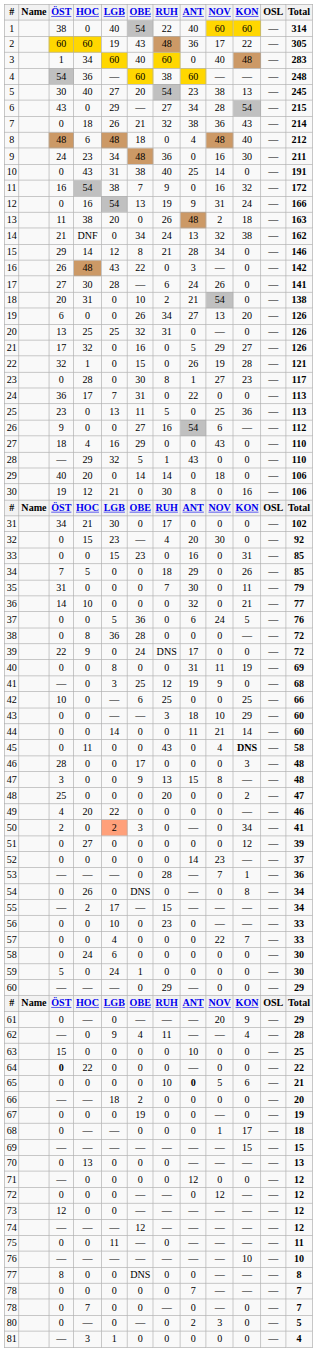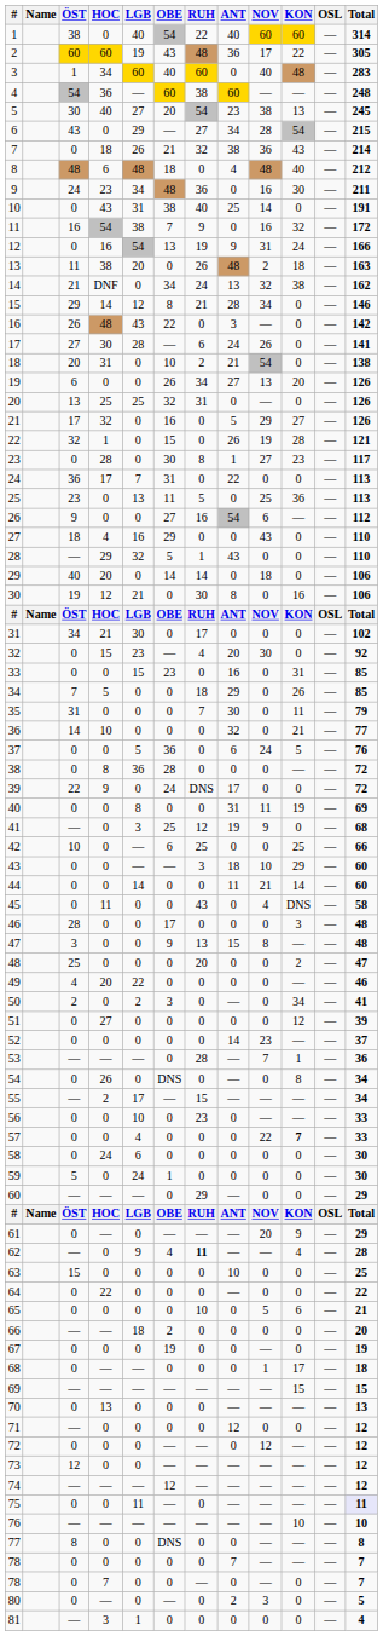 <table class="wikitable sortable" style="text-align:center;">
 <tr>
 <th>#</th>
 <th>Name</th>
 <th><a href='#'>ÖST</a></th>
 <th><a href='#'>HOC</a></th>
 <th><a href='#'>LGB</a></th>
 <th><a href='#'>OBE</a></th>
 <th><a href='#'>RUH</a></th>
 <th><a href='#'>ANT</a></th>
 <th><a href='#'>NOV</a></th>
 <th><a href='#'>KON</a></th>
 <th>OSL</th>
 <th><strong>Total</strong> </th>
 </tr>
 <tr>
 <td>1</td>
 <td align="left"></td>
 <td>38</td>
 <td>0</td>
 <td>40</td>
 <td bgcolor="silver">54</td>
 <td>22</td>
 <td>40</td>
 <td bgcolor="gold">60</td>
 <td bgcolor="gold">60</td>
 <td>—</td>
 <td><strong>314</strong></td>
 </tr>
 <tr>
 <td>2</td>
 <td align="left"></td>
 <td bgcolor="gold">60</td>
 <td bgcolor="gold">60</td>
 <td>19</td>
 <td>43</td>
 <td bgcolor="CC9966">48</td>
 <td>36</td>
 <td>17</td>
 <td>22</td>
 <td>—</td>
 <td><strong>305</strong></td>
 </tr>
 <tr>
 <td>3</td>
 <td align="left"></td>
 <td>1</td>
 <td>34</td>
 <td bgcolor="gold">60</td>
 <td>40</td>
 <td bgcolor="gold">60</td>
 <td>0</td>
 <td>40</td>
 <td bgcolor="CC9966">48</td>
 <td>—</td>
 <td><strong>283</strong></td>
 </tr>
 <tr>
 <td>4</td>
 <td align="left"></td>
 <td bgcolor="silver">54</td>
 <td>36</td>
 <td>—</td>
 <td bgcolor="gold">60</td>
 <td>38</td>
 <td bgcolor="gold">60</td>
 <td>—</td>
 <td>—</td>
 <td>—</td>
 <td><strong>248</strong></td>
 </tr>
 <tr>
 <td>5</td>
 <td align="left"></td>
 <td>30</td>
 <td>40</td>
 <td>27</td>
 <td>20</td>
 <td bgcolor="silver">54</td>
 <td>23</td>
 <td>38</td>
 <td>13</td>
 <td>—</td>
 <td><strong>245</strong></td>
 </tr>
 <tr>
 <td>6</td>
 <td align="left"></td>
 <td>43</td>
 <td>0</td>
 <td>29</td>
 <td>—</td>
 <td>27</td>
 <td>34</td>
 <td>28</td>
 <td bgcolor="silver">54</td>
 <td>—</td>
 <td><strong>215</strong></td>
 </tr>
 <tr>
 <td>7</td>
 <td align="left"></td>
 <td>0</td>
 <td>18</td>
 <td>26</td>
 <td>21</td>
 <td>32</td>
 <td>38</td>
 <td>36</td>
 <td>43</td>
 <td>—</td>
 <td><strong>214</strong></td>
 </tr>
 <tr>
 <td>8</td>
 <td align="left"></td>
 <td bgcolor="CC9966">48</td>
 <td>6</td>
 <td bgcolor="CC9966">48</td>
 <td>18</td>
 <td>0</td>
 <td>4</td>
 <td bgcolor="CC9966">48</td>
 <td>40</td>
 <td>—</td>
 <td><strong>212</strong></td>
 </tr>
 <tr>
 <td>9</td>
 <td align="left"></td>
 <td>24</td>
 <td>23</td>
 <td>34</td>
 <td bgcolor="CC9966">48</td>
 <td>36</td>
 <td>0</td>
 <td>16</td>
 <td>30</td>
 <td>—</td>
 <td><strong>211</strong></td>
 </tr>
 <tr>
 <td>10</td>
 <td align="left"></td>
 <td>0</td>
 <td>43</td>
 <td>31</td>
 <td>38</td>
 <td>40</td>
 <td>25</td>
 <td>14</td>
 <td>0</td>
 <td>—</td>
 <td><strong>191</strong></td>
 </tr>
 <tr>
 <td>11</td>
 <td align="left"></td>
 <td>16</td>
 <td bgcolor="silver">54</td>
 <td>38</td>
 <td>7</td>
 <td>9</td>
 <td>0</td>
 <td>16</td>
 <td>32</td>
 <td>—</td>
 <td><strong>172</strong></td>
 </tr>
 <tr>
 <td>12</td>
 <td align="left"></td>
 <td>0</td>
 <td>16</td>
 <td bgcolor="silver">54</td>
 <td>13</td>
 <td>19</td>
 <td>9</td>
 <td>31</td>
 <td>24</td>
 <td>—</td>
 <td><strong>166</strong></td>
 </tr>
 <tr>
 <td>13</td>
 <td align="left"></td>
 <td>11</td>
 <td>38</td>
 <td>20</td>
 <td>0</td>
 <td>26</td>
 <td bgcolor="CC9966">48</td>
 <td>2</td>
 <td>18</td>
 <td>—</td>
 <td><strong>163</strong></td>
 </tr>
 <tr>
 <td>14</td>
 <td align="left"></td>
 <td>21</td>
 <td>DNF</td>
 <td>0</td>
 <td>34</td>
 <td>24</td>
 <td>13</td>
 <td>32</td>
 <td>38</td>
 <td>—</td>
 <td><strong>162</strong></td>
 </tr>
 <tr>
 <td>15</td>
 <td align="left"></td>
 <td>29</td>
 <td>14</td>
 <td>12</td>
 <td>8</td>
 <td>21</td>
 <td>28</td>
 <td>34</td>
 <td>0</td>
 <td>—</td>
 <td><strong>146</strong></td>
 </tr>
 <tr>
 <td>16</td>
 <td align="left"></td>
 <td>26</td>
 <td bgcolor="CC9966">48</td>
 <td>43</td>
 <td>22</td>
 <td>0</td>
 <td>3</td>
 <td>—</td>
 <td>0</td>
 <td>—</td>
 <td><strong>142</strong></td>
 </tr>
 <tr>
 <td>17</td>
 <td align="left"></td>
 <td>27</td>
 <td>30</td>
 <td>28</td>
 <td>—</td>
 <td>6</td>
 <td>24</td>
 <td>26</td>
 <td>0</td>
 <td>—</td>
 <td><strong>141</strong></td>
 </tr>
 <tr>
 <td>18</td>
 <td align="left"></td>
 <td>20</td>
 <td>31</td>
 <td>0</td>
 <td>10</td>
 <td>2</td>
 <td>21</td>
 <td bgcolor="silver">54</td>
 <td>0</td>
 <td>—</td>
 <td><strong>138</strong></td>
 </tr>
 <tr>
 <td>19</td>
 <td align="left"></td>
 <td>6</td>
 <td>0</td>
 <td>0</td>
 <td>26</td>
 <td>34</td>
 <td>27</td>
 <td>13</td>
 <td>20</td>
 <td>—</td>
 <td><strong>126</strong></td>
 </tr>
 <tr>
 <td>20</td>
 <td align="left"></td>
 <td>13</td>
 <td>25</td>
 <td>25</td>
 <td>32</td>
 <td>31</td>
 <td>0</td>
 <td>—</td>
 <td>0</td>
 <td>—</td>
 <td><strong>126</strong></td>
 </tr>
 <tr>
 <td>21</td>
 <td align="left"></td>
 <td>17</td>
 <td>32</td>
 <td>0</td>
 <td>16</td>
 <td>0</td>
 <td>5</td>
 <td>29</td>
 <td>27</td>
 <td>—</td>
 <td><strong>126</strong></td>
 </tr>
 <tr>
 <td>22</td>
 <td align="left"></td>
 <td>32</td>
 <td>1</td>
 <td>0</td>
 <td>15</td>
 <td>0</td>
 <td>26</td>
 <td>19</td>
 <td>28</td>
 <td>—</td>
 <td><strong>121</strong></td>
 </tr>
 <tr>
 <td>23</td>
 <td align="left"></td>
 <td>0</td>
 <td>28</td>
 <td>0</td>
 <td>30</td>
 <td>8</td>
 <td>1</td>
 <td>27</td>
 <td>23</td>
 <td>—</td>
 <td><strong>117</strong></td>
 </tr>
 <tr>
 <td>24</td>
 <td align="left"></td>
 <td>36</td>
 <td>17</td>
 <td>7</td>
 <td>31</td>
 <td>0</td>
 <td>22</td>
 <td>0</td>
 <td>0</td>
 <td>—</td>
 <td><strong>113</strong></td>
 </tr>
 <tr>
 <td>25</td>
 <td align="left"></td>
 <td>23</td>
 <td>0</td>
 <td>13</td>
 <td>11</td>
 <td>5</td>
 <td>0</td>
 <td>25</td>
 <td>36</td>
 <td>—</td>
 <td><strong>113</strong></td>
 </tr>
 <tr>
 <td>26</td>
 <td align="left"></td>
 <td>9</td>
 <td>0</td>
 <td>0</td>
 <td>27</td>
 <td>16</td>
 <td bgcolor="silver">54</td>
 <td>6</td>
 <td>—</td>
 <td>—</td>
 <td><strong>112</strong></td>
 </tr>
 <tr>
 <td>27</td>
 <td align="left"></td>
 <td>18</td>
 <td>4</td>
 <td>16</td>
 <td>29</td>
 <td>0</td>
 <td>0</td>
 <td>43</td>
 <td>0</td>
 <td>—</td>
 <td><strong>110</strong></td>
 </tr>
 <tr>
 <td>28</td>
 <td align="left"></td>
 <td>—</td>
 <td>29</td>
 <td>32</td>
 <td>5</td>
 <td>1</td>
 <td>43</td>
 <td>0</td>
 <td>0</td>
 <td>—</td>
 <td><strong>110</strong></td>
 </tr>
 <tr>
 <td>29</td>
 <td align="left"></td>
 <td>40</td>
 <td>20</td>
 <td>0</td>
 <td>14</td>
 <td>14</td>
 <td>0</td>
 <td>18</td>
 <td>0</td>
 <td>—</td>
 <td><strong>106</strong></td>
 </tr>
 <tr>
 <td>30</td>
 <td align="left"></td>
 <td>19</td>
 <td>12</td>
 <td>21</td>
 <td>0</td>
 <td>30</td>
 <td>8</td>
 <td>0</td>
 <td>16</td>
 <td>—</td>
 <td><strong>106</strong></td>
 </tr>
 <tr>
 <th>#</th>
 <th>Name</th>
 <th><a href='#'>ÖST</a></th>
 <th><a href='#'>HOC</a></th>
 <th><a href='#'>LGB</a></th>
 <th><a href='#'>OBE</a></th>
 <th><a href='#'>RUH</a></th>
 <th><a href='#'>ANT</a></th>
 <th><a href='#'>NOV</a></th>
 <th><a href='#'>KON</a></th>
 <th>OSL</th>
 <th><strong>Total</strong></th>
 </tr>
 <tr>
 <td>31</td>
 <td align="left"></td>
 <td>34</td>
 <td>21</td>
 <td>30</td>
 <td>0</td>
 <td>17</td>
 <td>0</td>
 <td>0</td>
 <td>0</td>
 <td>—</td>
 <td><strong>102</strong></td>
 </tr>
 <tr>
 <td>32</td>
 <td align="left"></td>
 <td>0</td>
 <td>15</td>
 <td>23</td>
 <td>—</td>
 <td>4</td>
 <td>20</td>
 <td>30</td>
 <td>0</td>
 <td>—</td>
 <td><strong>92</strong></td>
 </tr>
 <tr>
 <td>33</td>
 <td align="left"></td>
 <td>0</td>
 <td>0</td>
 <td>15</td>
 <td>23</td>
 <td>0</td>
 <td>16</td>
 <td>0</td>
 <td>31</td>
 <td>—</td>
 <td><strong>85</strong></td>
 </tr>
 <tr>
 <td>34</td>
 <td align="left"></td>
 <td>7</td>
 <td>5</td>
 <td>0</td>
 <td>0</td>
 <td>18</td>
 <td>29</td>
 <td>0</td>
 <td>26</td>
 <td>—</td>
 <td><strong>85</strong></td>
 </tr>
 <tr>
 <td>35</td>
 <td align="left"></td>
 <td>31</td>
 <td>0</td>
 <td>0</td>
 <td>0</td>
 <td>7</td>
 <td>30</td>
 <td>0</td>
 <td>11</td>
 <td>—</td>
 <td><strong>79</strong></td>
 </tr>
 <tr>
 <td>36</td>
 <td align="left"></td>
 <td>14</td>
 <td>10</td>
 <td>0</td>
 <td>0</td>
 <td>0</td>
 <td>32</td>
 <td>0</td>
 <td>21</td>
 <td>—</td>
 <td><strong>77</strong></td>
 </tr>
 <tr>
 <td>37</td>
 <td align="left"></td>
 <td>0</td>
 <td>0</td>
 <td>5</td>
 <td>36</td>
 <td>0</td>
 <td>6</td>
 <td>24</td>
 <td>5</td>
 <td>—</td>
 <td><strong>76</strong></td>
 </tr>
 <tr>
 <td>38</td>
 <td align="left"></td>
 <td>0</td>
 <td>8</td>
 <td>36</td>
 <td>28</td>
 <td>0</td>
 <td>0</td>
 <td>0</td>
 <td>—</td>
 <td>—</td>
 <td><strong>72</strong></td>
 </tr>
 <tr>
 <td>39</td>
 <td align="left"></td>
 <td>22</td>
 <td>9</td>
 <td>0</td>
 <td>24</td>
 <td>DNS</td>
 <td>17</td>
 <td>0</td>
 <td>0</td>
 <td>—</td>
 <td><strong>72</strong></td>
 </tr>
 <tr>
 <td>40</td>
 <td align="left"></td>
 <td>0</td>
 <td>0</td>
 <td>8</td>
 <td>0</td>
 <td>0</td>
 <td>31</td>
 <td>11</td>
 <td>19</td>
 <td>—</td>
 <td><strong>69</strong></td>
 </tr>
 <tr>
 <td>41</td>
 <td align="left"></td>
 <td>—</td>
 <td>0</td>
 <td>3</td>
 <td>25</td>
 <td>12</td>
 <td>19</td>
 <td>9</td>
 <td>0</td>
 <td>—</td>
 <td><strong>68</strong></td>
 </tr>
 <tr>
 <td>42</td>
 <td align="left"></td>
 <td>10</td>
 <td>0</td>
 <td>—</td>
 <td>6</td>
 <td>25</td>
 <td>0</td>
 <td>0</td>
 <td>25</td>
 <td>—</td>
 <td><strong>66</strong></td>
 </tr>
 <tr>
 <td>43</td>
 <td align="left"></td>
 <td>0</td>
 <td>0</td>
 <td>—</td>
 <td>—</td>
 <td>3</td>
 <td>18</td>
 <td>10</td>
 <td>29</td>
 <td>—</td>
 <td><strong>60</strong></td>
 </tr>
 <tr>
 <td>44</td>
 <td align="left"></td>
 <td>0</td>
 <td>0</td>
 <td>14</td>
 <td>0</td>
 <td>0</td>
 <td>11</td>
 <td>21</td>
 <td>14</td>
 <td>—</td>
 <td><strong>60</strong></td>
 </tr>
 <tr>
 <td>45</td>
 <td align="left"></td>
 <td>0</td>
 <td>11</td>
 <td>0</td>
 <td>0</td>
 <td>43</td>
 <td>0</td>
 <td>4</td>
-<td><strong>DNS</strong></td>
+<td>DNS</td>
 <td>—</td>
 <td><strong>58</strong></td>
 </tr>
 <tr>
 <td>46</td>
 <td align="left"></td>
 <td>28</td>
 <td>0</td>
 <td>0</td>
 <td>17</td>
 <td>0</td>
 <td>0</td>
 <td>0</td>
 <td>3</td>
 <td>—</td>
 <td><strong>48</strong></td>
 </tr>
 <tr>
 <td>47</td>
 <td align="left"></td>
 <td>3</td>
 <td>0</td>
 <td>0</td>
 <td>9</td>
 <td>13</td>
 <td>15</td>
 <td>8</td>
 <td>—</td>
 <td>—</td>
 <td><strong>48</strong></td>
 </tr>
 <tr>
 <td>48</td>
 <td align="left"></td>
 <td>25</td>
 <td>0</td>
 <td>0</td>
 <td>0</td>
 <td>20</td>
 <td>0</td>
 <td>0</td>
 <td>2</td>
 <td>—</td>
 <td><strong>47</strong></td>
 </tr>
 <tr>
 <td>49</td>
 <td align="left"></td>
 <td>4</td>
 <td>20</td>
 <td>22</td>
 <td>0</td>
 <td>0</td>
 <td>0</td>
 <td>0</td>
 <td>—</td>
 <td>—</td>
 <td><strong>46</strong></td>
 </tr>
 <tr>
 <td>50</td>
 <td align="left"></td>
 <td>2</td>
 <td>0</td>
-<td style="background: lightsalmon;">2</td>
+<td>2</td>
 <td>3</td>
 <td>0</td>
 <td>—</td>
 <td>0</td>
 <td>34</td>
 <td>—</td>
 <td><strong>41</strong></td>
 </tr>
 <tr>
 <td>51</td>
 <td align="left"></td>
 <td>0</td>
 <td>27</td>
 <td>0</td>
 <td>0</td>
 <td>0</td>
 <td>0</td>
 <td>0</td>
 <td>12</td>
 <td>—</td>
 <td><strong>39</strong></td>
 </tr>
 <tr>
 <td>52</td>
 <td align="left"></td>
 <td>0</td>
 <td>0</td>
 <td>0</td>
 <td>0</td>
 <td>0</td>
 <td>14</td>
 <td>23</td>
 <td>—</td>
 <td>—</td>
 <td><strong>37</strong></td>
 </tr>
 <tr>
 <td>53</td>
 <td align="left"></td>
 <td>—</td>
 <td>—</td>
 <td>—</td>
 <td>0</td>
 <td>28</td>
 <td>—</td>
 <td>7</td>
 <td>1</td>
 <td>—</td>
 <td><strong>36</strong></td>
 </tr>
 <tr>
 <td>54</td>
 <td align="left"></td>
 <td>0</td>
 <td>26</td>
 <td>0</td>
 <td>DNS</td>
 <td>0</td>
 <td>—</td>
 <td>0</td>
 <td>8</td>
 <td>—</td>
 <td><strong>34</strong></td>
 </tr>
 <tr>
 <td>55</td>
 <td align="left"></td>
 <td>—</td>
 <td>2</td>
 <td>17</td>
 <td>—</td>
 <td>15</td>
 <td>—</td>
 <td>—</td>
 <td>—</td>
 <td>—</td>
 <td><strong>34</strong></td>
 </tr>
 <tr>
 <td>56</td>
 <td align="left"></td>
 <td>0</td>
 <td>0</td>
 <td>10</td>
 <td>0</td>
 <td>23</td>
 <td>0</td>
 <td>—</td>
 <td>—</td>
 <td>—</td>
 <td><strong>33</strong></td>
 </tr>
 <tr>
 <td>57</td>
 <td align="left"></td>
 <td>0</td>
 <td>0</td>
 <td>4</td>
 <td>0</td>
 <td>0</td>
 <td>0</td>
 <td>22</td>
-<td>7</td>
+<td><strong>7</strong></td>
 <td>—</td>
 <td><strong>33</strong></td>
 </tr>
 <tr>
 <td>58</td>
 <td align="left"></td>
 <td>0</td>
 <td>24</td>
 <td>6</td>
 <td>0</td>
 <td>0</td>
 <td>0</td>
 <td>0</td>
 <td>0</td>
 <td>—</td>
 <td><strong>30</strong></td>
 </tr>
 <tr>
 <td>59</td>
 <td align="left"></td>
 <td>5</td>
 <td>0</td>
 <td>24</td>
 <td>1</td>
 <td>0</td>
 <td>0</td>
 <td>0</td>
 <td>0</td>
 <td>—</td>
 <td><strong>30</strong></td>
 </tr>
 <tr>
 <td>60</td>
 <td align="left"></td>
 <td>—</td>
 <td>—</td>
 <td>—</td>
 <td>0</td>
 <td>29</td>
 <td>—</td>
 <td>0</td>
 <td>0</td>
 <td>—</td>
 <td><strong>29</strong></td>
 </tr>
 <tr>
 <th>#</th>
 <th>Name</th>
 <th><a href='#'>ÖST</a></th>
 <th><a href='#'>HOC</a></th>
 <th><a href='#'>LGB</a></th>
 <th><a href='#'>OBE</a></th>
 <th><a href='#'>RUH</a></th>
 <th><a href='#'>ANT</a></th>
 <th><a href='#'>NOV</a></th>
 <th><a href='#'>KON</a></th>
 <th>OSL</th>
 <th><strong>Total</strong></th>
 </tr>
 <tr>
 <td>61</td>
 <td align="left"></td>
 <td>0</td>
 <td>—</td>
 <td>0</td>
 <td>—</td>
 <td>—</td>
 <td>—</td>
 <td>20</td>
 <td>9</td>
 <td>—</td>
 <td><strong>29</strong></td>
 </tr>
 <tr>
 <td>62</td>
 <td align="left"></td>
 <td>—</td>
 <td>0</td>
 <td>9</td>
 <td>4</td>
-<td>11</td>
+<td><strong>11</strong></td>
 <td>—</td>
 <td>—</td>
 <td>4</td>
 <td>—</td>
 <td><strong>28</strong></td>
 </tr>
 <tr>
 <td>63</td>
 <td align="left"></td>
 <td>15</td>
 <td>0</td>
 <td>0</td>
 <td>0</td>
 <td>0</td>
 <td>10</td>
 <td>0</td>
 <td>0</td>
 <td>—</td>
 <td><strong>25</strong></td>
 </tr>
 <tr>
 <td>64</td>
 <td align="left"></td>
-<td><strong>0</strong></td>
+<td>0</td>
 <td>22</td>
 <td>0</td>
 <td>0</td>
 <td>0</td>
 <td>—</td>
 <td>0</td>
 <td>0</td>
 <td>—</td>
 <td><strong>22</strong></td>
 </tr>
 <tr>
 <td>65</td>
 <td align="left"></td>
 <td>0</td>
 <td>0</td>
 <td>0</td>
 <td>0</td>
 <td>10</td>
-<td><strong>0</strong></td>
+<td>0</td>
 <td>5</td>
 <td>6</td>
 <td>—</td>
 <td><strong>21</strong></td>
 </tr>
 <tr>
 <td>66</td>
 <td align="left"></td>
 <td>—</td>
 <td>—</td>
 <td>18</td>
 <td>2</td>
 <td>0</td>
 <td>0</td>
 <td>0</td>
 <td>0</td>
 <td>—</td>
 <td><strong>20</strong></td>
 </tr>
 <tr>
 <td>67</td>
 <td align="left"></td>
 <td>0</td>
 <td>0</td>
 <td>0</td>
 <td>19</td>
 <td>0</td>
 <td>0</td>
 <td>—</td>
 <td>0</td>
 <td>—</td>
 <td><strong>19</strong></td>
 </tr>
 <tr>
 <td>68</td>
 <td align="left"></td>
 <td>0</td>
 <td>—</td>
 <td>—</td>
 <td>0</td>
 <td>0</td>
 <td>0</td>
 <td>1</td>
 <td>17</td>
 <td>—</td>
 <td><strong>18</strong></td>
 </tr>
 <tr>
 <td>69</td>
 <td align="left"></td>
 <td>—</td>
 <td>—</td>
 <td>—</td>
 <td>—</td>
 <td>—</td>
 <td>—</td>
 <td>—</td>
 <td>15</td>
 <td>—</td>
 <td><strong>15</strong></td>
 </tr>
 <tr>
 <td>70</td>
 <td align="left"></td>
 <td>0</td>
 <td>13</td>
 <td>0</td>
 <td>0</td>
 <td>0</td>
 <td>—</td>
 <td>—</td>
 <td>—</td>
 <td>—</td>
 <td><strong>13</strong></td>
 </tr>
 <tr>
 <td>71</td>
 <td align="left"></td>
 <td>—</td>
 <td>0</td>
 <td>0</td>
 <td>0</td>
 <td>0</td>
 <td>12</td>
 <td>0</td>
 <td>0</td>
 <td>—</td>
 <td><strong>12</strong></td>
 </tr>
 <tr>
 <td>72</td>
 <td align="left"></td>
 <td>0</td>
 <td>0</td>
 <td>0</td>
 <td>—</td>
 <td>—</td>
 <td>0</td>
 <td>12</td>
 <td>—</td>
 <td>—</td>
 <td><strong>12</strong></td>
 </tr>
 <tr>
 <td>73</td>
 <td align="left"></td>
 <td>12</td>
 <td>0</td>
 <td>0</td>
 <td>—</td>
 <td>—</td>
 <td>—</td>
 <td>—</td>
 <td>—</td>
 <td>—</td>
 <td><strong>12</strong></td>
 </tr>
 <tr>
 <td>74</td>
 <td align="left"></td>
 <td>—</td>
 <td>—</td>
 <td>—</td>
 <td>12</td>
 <td>—</td>
 <td>—</td>
 <td>—</td>
 <td>—</td>
 <td>—</td>
 <td><strong>12</strong></td>
 </tr>
 <tr>
 <td>75</td>
 <td align="left"></td>
 <td>0</td>
 <td>0</td>
 <td>11</td>
 <td>—</td>
 <td>0</td>
 <td>—</td>
 <td>—</td>
 <td>—</td>
 <td>—</td>
-<td><strong>11</strong></td>
+<td style="background: lavender;"><strong>11</strong></td>
 </tr>
 <tr>
 <td>76</td>
 <td align="left"></td>
 <td>—</td>
 <td>—</td>
 <td>—</td>
 <td>—</td>
 <td>—</td>
 <td>—</td>
 <td>—</td>
 <td>10</td>
 <td>—</td>
 <td><strong>10</strong></td>
 </tr>
 <tr>
 <td>77</td>
 <td align="left"></td>
 <td>8</td>
 <td>0</td>
 <td>0</td>
 <td>DNS</td>
 <td>0</td>
 <td>0</td>
 <td>—</td>
 <td>—</td>
 <td>—</td>
 <td><strong>8</strong></td>
 </tr>
 <tr>
 <td>78</td>
 <td align="left"></td>
 <td>0</td>
 <td>0</td>
 <td>0</td>
 <td>0</td>
 <td>0</td>
 <td>7</td>
 <td>—</td>
 <td>—</td>
 <td>—</td>
 <td><strong>7</strong></td>
 </tr>
 <tr>
 <td>78</td>
 <td align="left"></td>
 <td>0</td>
 <td>7</td>
 <td>0</td>
 <td>0</td>
 <td>—</td>
 <td>0</td>
 <td>—</td>
 <td>0</td>
 <td>—</td>
 <td><strong>7</strong></td>
 </tr>
 <tr>
 <td>80</td>
 <td align="left"></td>
 <td>0</td>
 <td>—</td>
 <td>0</td>
 <td>—</td>
 <td>0</td>
 <td>2</td>
 <td>3</td>
 <td>0</td>
 <td>—</td>
 <td><strong>5</strong></td>
 </tr>
 <tr>
 <td>81</td>
 <td align="left"></td>
 <td>—</td>
 <td>3</td>
 <td>1</td>
 <td>0</td>
 <td>0</td>
 <td>0</td>
 <td>0</td>
 <td>0</td>
 <td>—</td>
 <td><strong>4</strong></td>
 </tr>
 </table>
